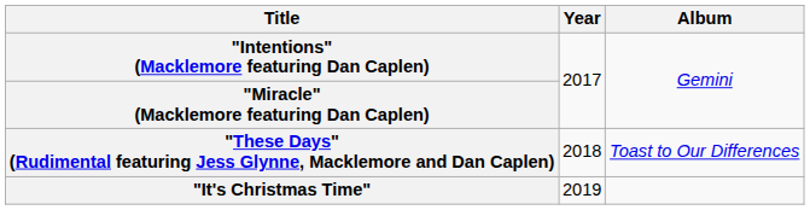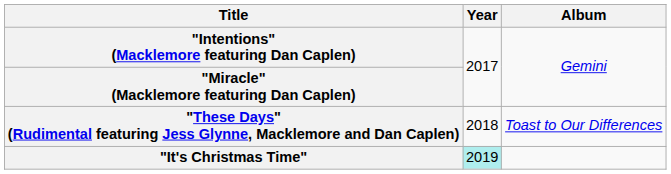 <table class="wikitable plainrowheaders" style="text-align:center;" border="1">
 <tr>
 <th scope="col">Title</th>
 <th scope="col">Year</th>
 <th scope="col">Album</th>
 </tr>
 <tr>
 <th scope="row">"Intentions"<br><span>(<a href='#'>Macklemore</a> featuring Dan Caplen)</span></th>
 <td rowspan="2">2017</td>
 <td rowspan="2"><em><a href='#'>Gemini</a></em></td>
 </tr>
 <tr>
 <th scope="row">"Miracle"<br><span>(Macklemore featuring Dan Caplen)</span></th>
 </tr>
 <tr>
 <th scope="row">"<a href='#'>These Days</a>"<br><span>(<a href='#'>Rudimental</a> featuring <a href='#'>Jess Glynne</a>, Macklemore and Dan Caplen)</span></th>
 <td>2018</td>
 <td><em><a href='#'>Toast to Our Differences</a></em></td>
 </tr>
 <tr>
 <th scope="row">"It's Christmas Time"<br></th>
-<td>2019</td>
+<td style="background: paleturquoise;">2019</td>
 <td></td>
 </tr>
 </table>
